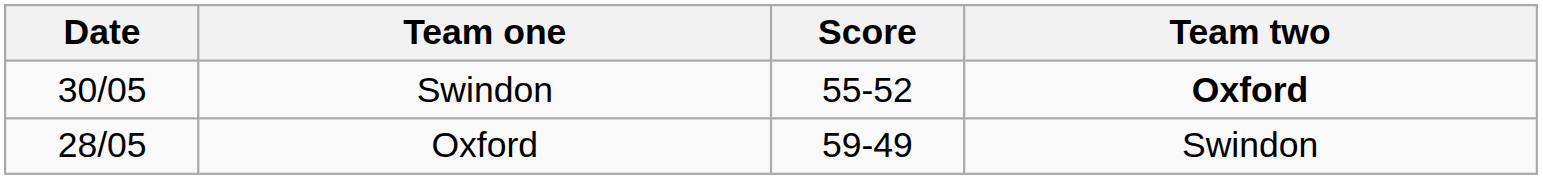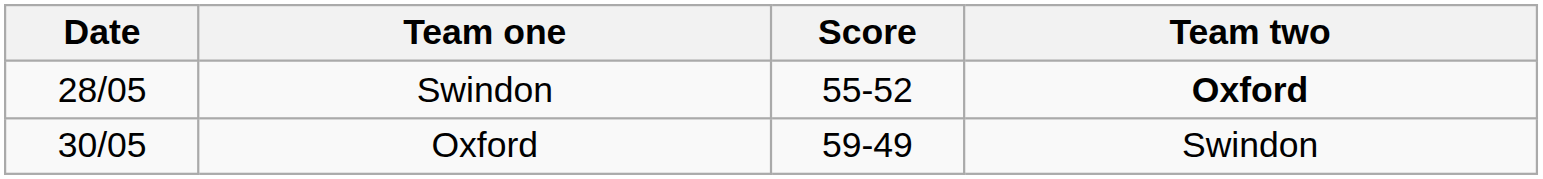 <table class="wikitable" style="text-align: center">
 <tr>
 <th width=80>Date</th>
 <th width=250>Team one</th>
 <th width=80>Score</th>
 <th width=250>Team two</th>
 </tr>
 <tr>
-<td>30/05</td>
+<td>28/05</td>
 <td>Swindon</td>
 <td>55-52</td>
 <td><strong>Oxford</strong></td>
 </tr>
 <tr>
-<td>28/05</td>
+<td>30/05</td>
 <td>Oxford</td>
 <td>59-49</td>
 <td>Swindon</td>
 </tr>
 </table>
